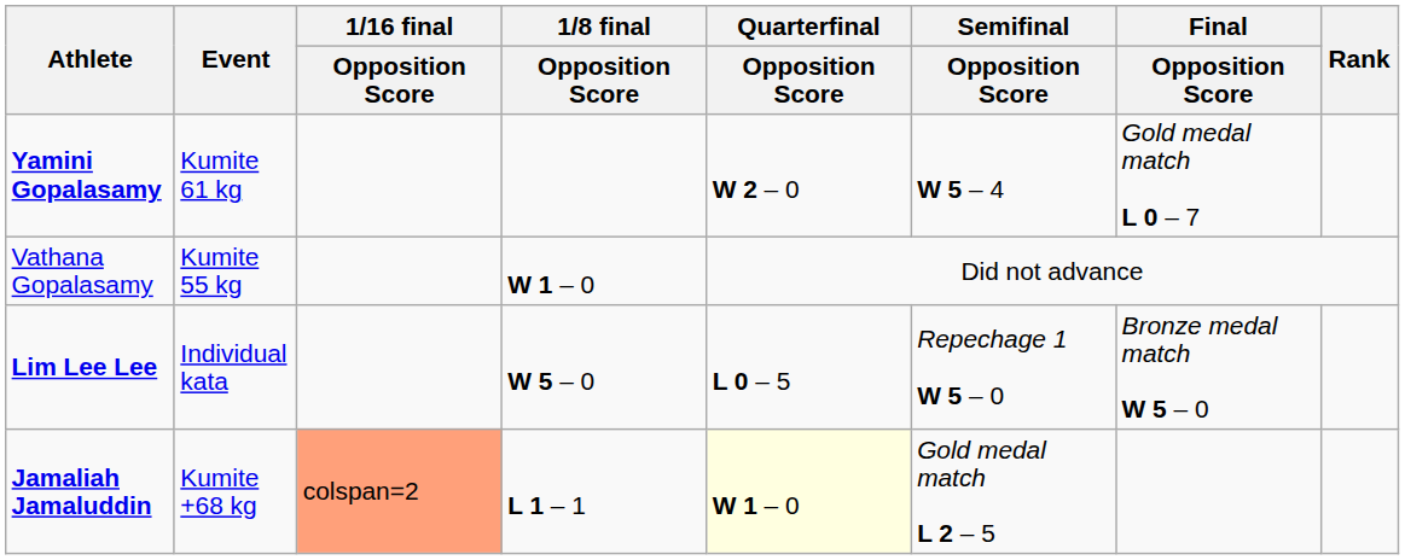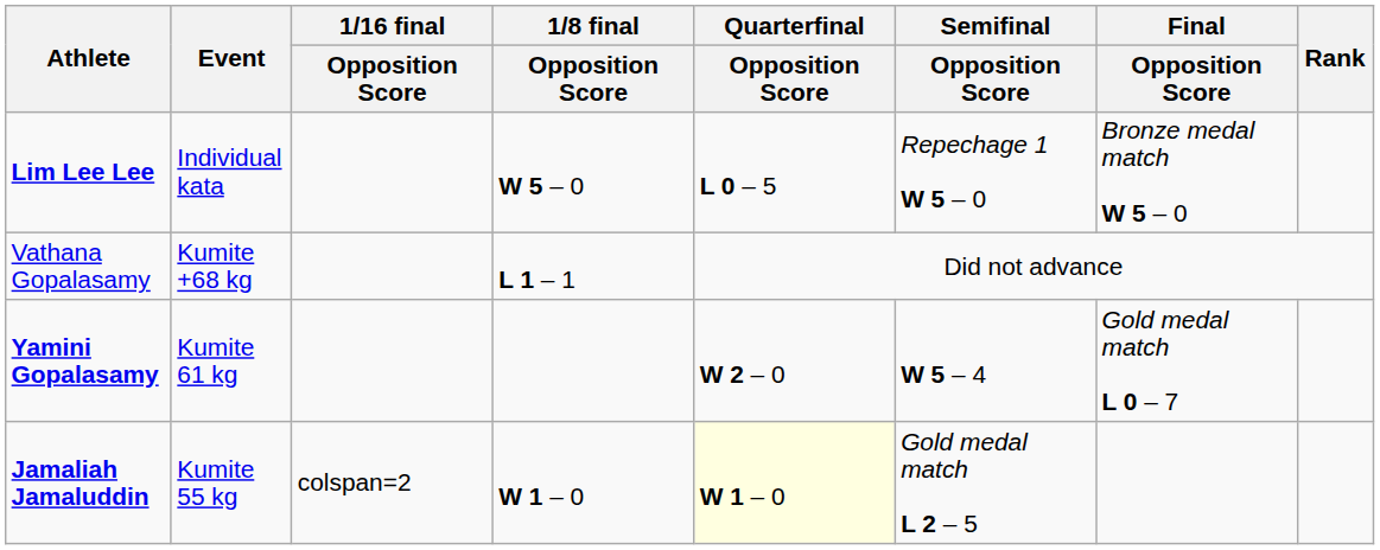 <table class="wikitable" width="90%" style="text-align:left; font-size:90%">
 <tr>
 <th rowspan=2 width="10%">Athlete</th>
 <th rowspan=2 width="6%">Event</th>
 <th width="14%">1/16 final</th>
 <th width="14%">1/8 final</th>
 <th width="14%">Quarterfinal</th>
 <th width="14%">Semifinal</th>
 <th width="14%">Final</th>
 <th rowspan=2 width="5%">Rank</th>
 </tr>
 <tr>
 <th>Opposition<br>Score</th>
 <th>Opposition<br>Score</th>
 <th>Opposition<br>Score</th>
 <th>Opposition<br>Score</th>
 <th>Opposition<br>Score</th>
 </tr>
 <tr>
+<td><strong><a href='#'>Lim Lee Lee</a></strong></td>
+<td><a href='#'>Individual kata</a></td>
+<td></td>
+<td><br><strong>W 5</strong> – 0</td>
+<td><br><strong>L 0</strong> – 5</td>
+<td><em>Repechage 1</em><br><br><strong>W 5</strong> – 0</td>
+<td><em>Bronze medal match</em><br><br><strong>W 5</strong> – 0</td>
+<td align=center></td>
+</tr>
+<tr>
+<td><a href='#'>Vathana Gopalasamy</a></td>
+<td><a href='#'>Kumite +68 kg</a></td>
+<td></td>
+<td><br><strong>L 1</strong> – 1</td>
+<td colspan=4 align=center>Did not advance</td>
+</tr>
+<tr>
 <td><strong><a href='#'>Yamini Gopalasamy</a></strong></td>
 <td><a href='#'>Kumite 61 kg</a></td>
 <td></td>
 <td></td>
 <td><br><strong>W 2</strong> – 0</td>
 <td><br><strong>W 5</strong> – 4</td>
 <td><em>Gold medal match</em><br><br><strong>L 0</strong> – 7</td>
 <td align=center></td>
 </tr>
 <tr>
-<td><a href='#'>Vathana Gopalasamy</a></td>
+<td><strong><a href='#'>Jamaliah Jamaluddin</a></strong></td>
 <td><a href='#'>Kumite 55 kg</a></td>
-<td></td>
+<td>colspan=2 </td>
 <td><br><strong>W 1</strong> – 0</td>
-<td colspan=4 align=center>Did not advance</td>
-</tr>
-<tr>
-<td><strong><a href='#'>Lim Lee Lee</a></strong></td>
-<td><a href='#'>Individual kata</a></td>
-<td></td>
-<td><br><strong>W 5</strong> – 0</td>
-<td><br><strong>L 0</strong> – 5</td>
-<td><em>Repechage 1</em><br><br><strong>W 5</strong> – 0</td>
-<td><em>Bronze medal match</em><br><br><strong>W 5</strong> – 0</td>
-<td align=center></td>
-</tr>
-<tr>
-<td><strong><a href='#'>Jamaliah Jamaluddin</a></strong></td>
-<td><a href='#'>Kumite +68 kg</a></td>
-<td style="background: lightsalmon;">colspan=2 </td>
-<td><br><strong>L 1</strong> – 1</td>
 <td style="background: lightyellow;"><br><strong>W 1</strong> – 0</td>
 <td><em>Gold medal match</em><br><br><strong>L 2</strong> – 5</td>
 <td align=center></td>
 </tr>
 </table>
